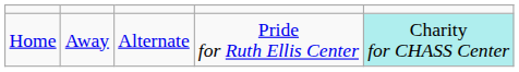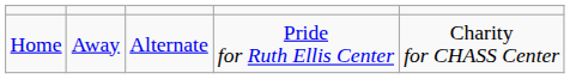 <table class=wikitable style="text-align: center;">
 <tr>
 <td></td>
 <td></td>
 <td></td>
 <td></td>
 <td></td>
 </tr>
 <tr>
 <td><a href='#'>Home</a></td>
 <td><a href='#'>Away</a></td>
 <td><a href='#'>Alternate</a></td>
 <td><a href='#'>Pride</a><br><em>for <a href='#'>Ruth Ellis Center</a></em></td>
-<td style="background: paleturquoise;">Charity<br><em>for CHASS Center</em></td>
+<td>Charity<br><em>for CHASS Center</em></td>
 </tr>
 </table>
